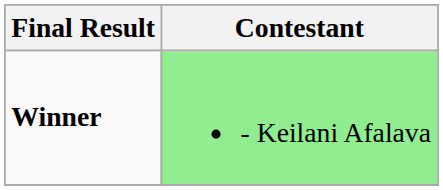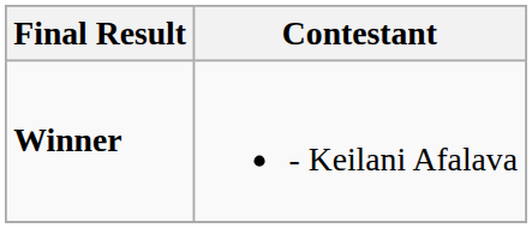 <table class="wikitable sortable" style="font-size:95%;">
 <tr>
 <th>Final Result</th>
 <th>Contestant</th>
 </tr>
 <tr>
 <td><strong>Winner</strong></td>
-<td style="background: lightgreen;"><br><ul><li><strong></strong> - Keilani Afalava</li></ul></td>
+<td><br><ul><li><strong></strong> - Keilani Afalava</li></ul></td>
 </tr>
 <tr>
 </tr>
 </table>
